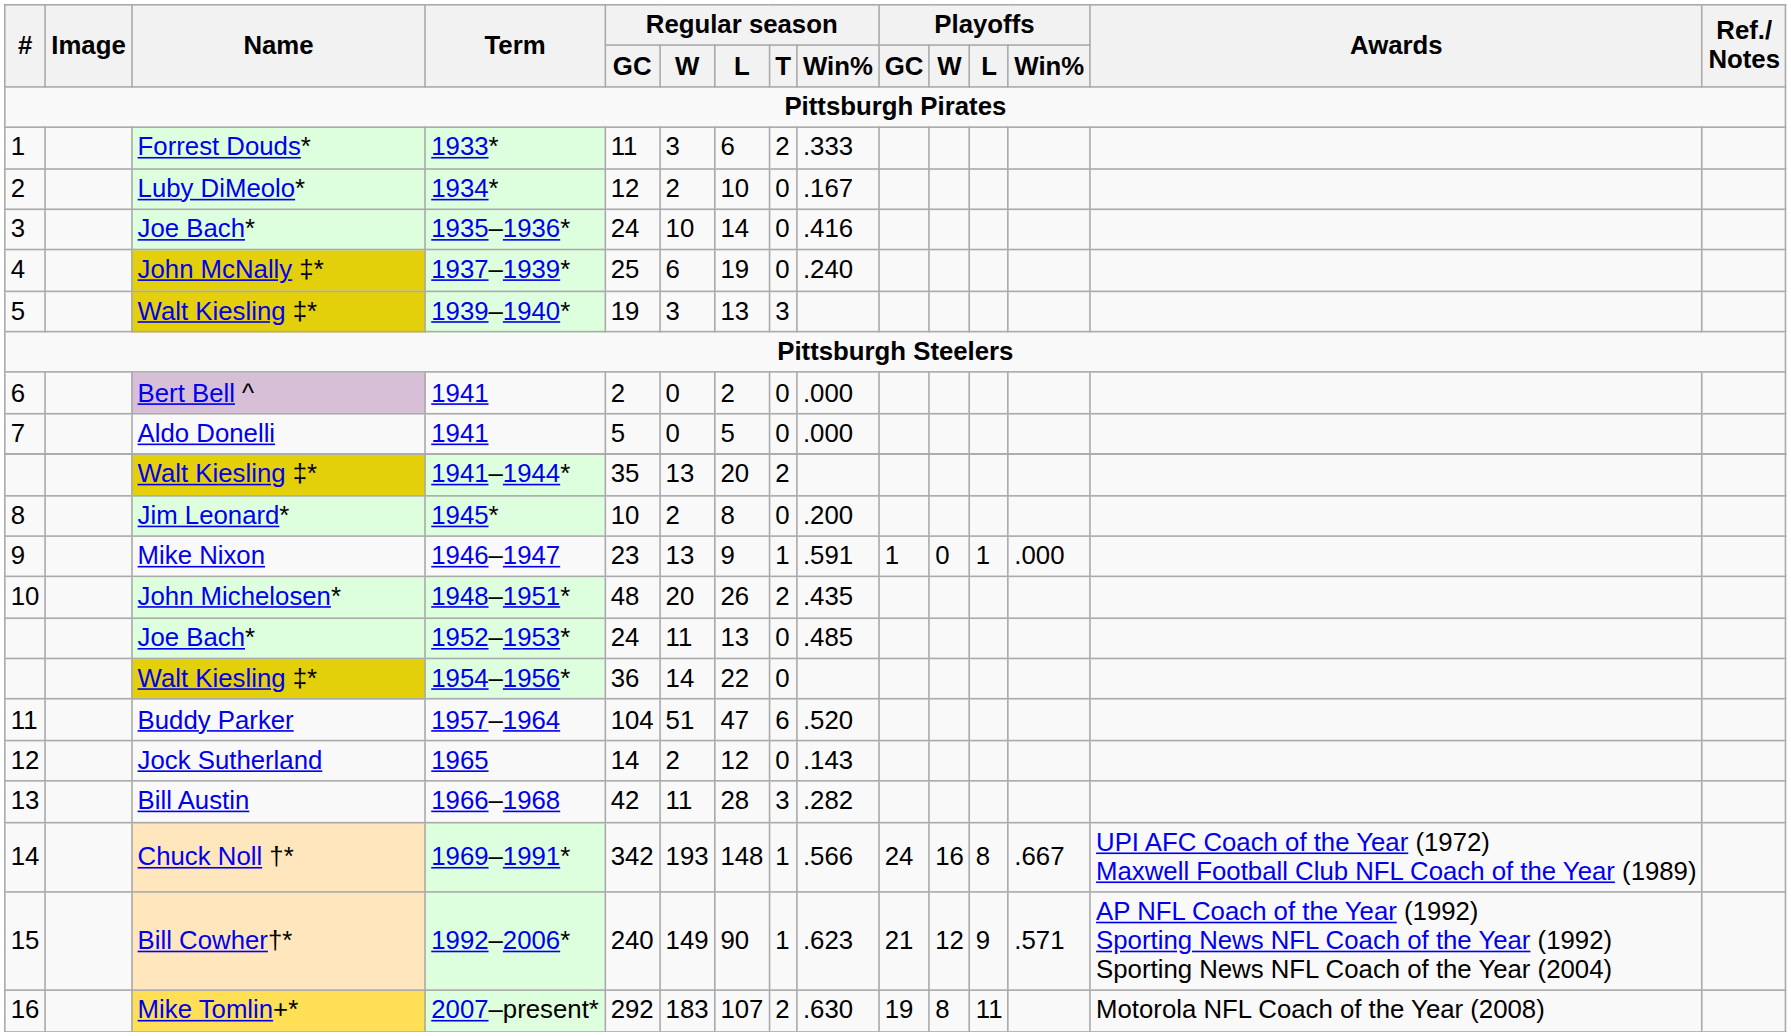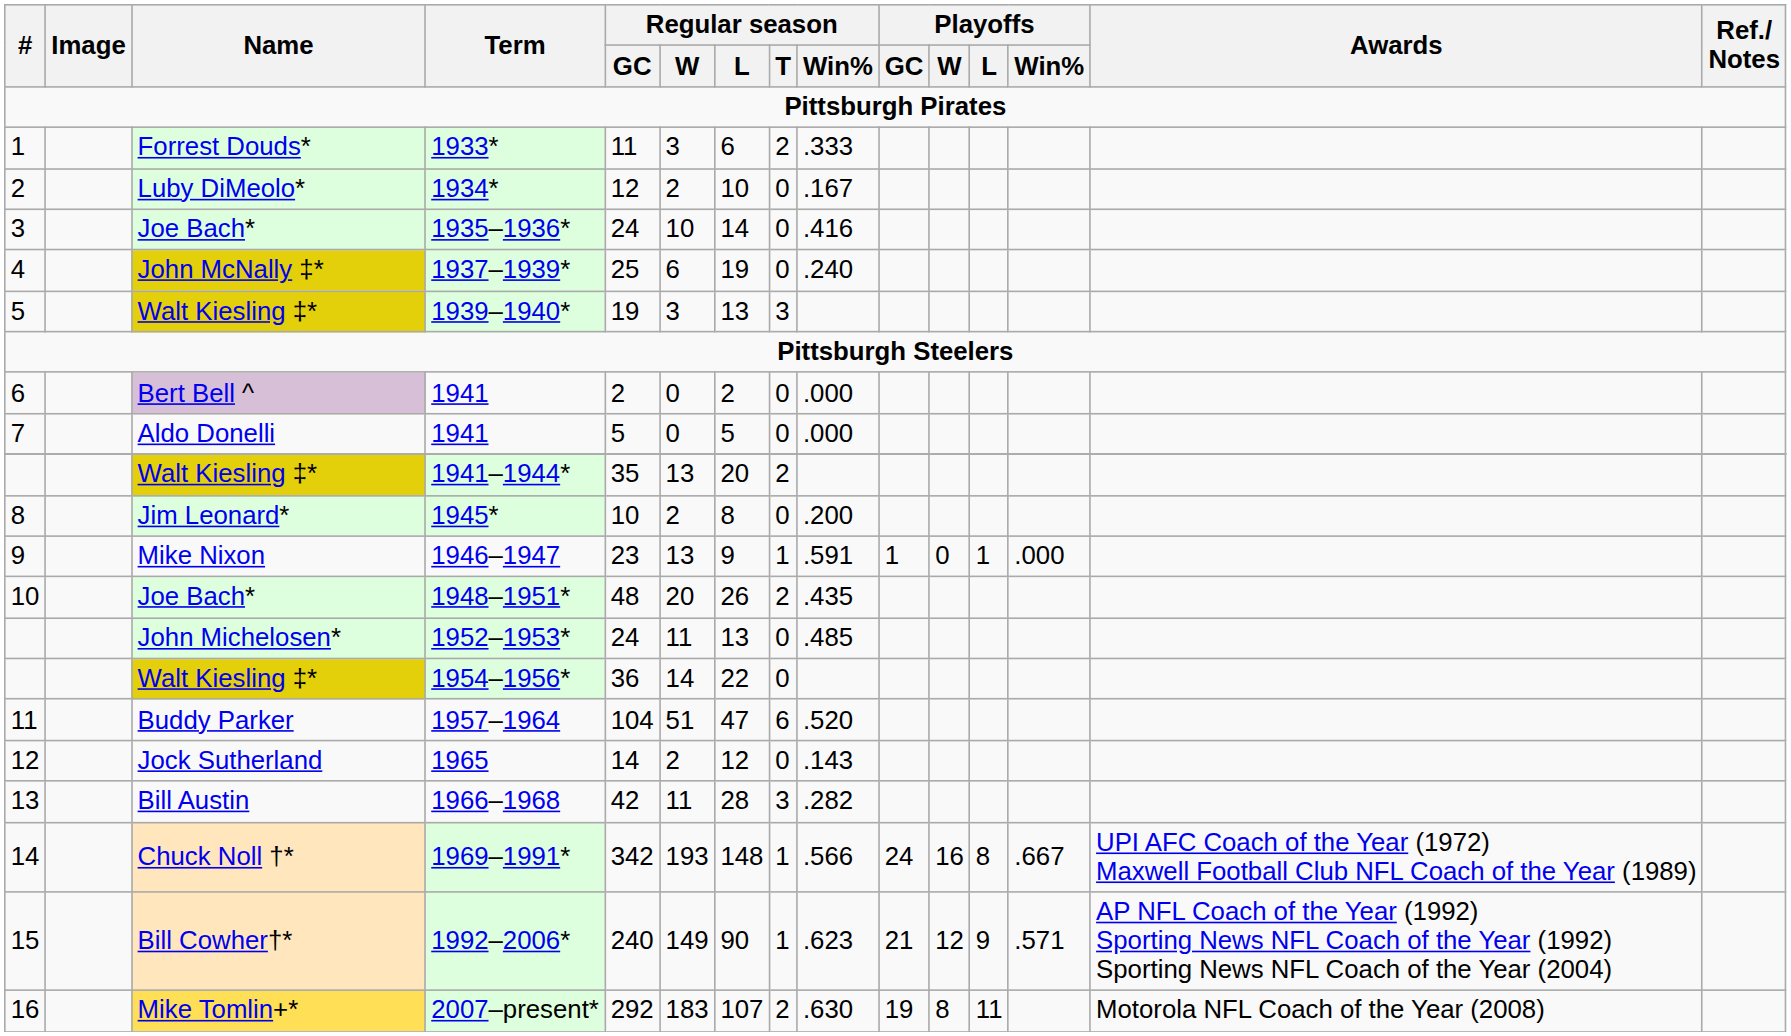 <table class="wikitable">
 <tr>
 <th rowspan="2">#</th>
 <th rowspan="2">Image</th>
 <th rowspan="2" scope="col" width="175">Name</th>
 <th rowspan="2">Term</th>
 <th colspan="5">Regular season</th>
 <th colspan="4">Playoffs</th>
 <th rowspan="2">Awards</th>
 <th rowspan="2">Ref./<br>Notes</th>
 </tr>
 <tr>
 <th>GC</th>
 <th>W</th>
 <th>L</th>
 <th>T</th>
 <th>Win%</th>
 <th>GC</th>
 <th>W</th>
 <th>L</th>
 <th>Win%</th>
 </tr>
 <tr>
 <td align="center" colspan="19"><strong>Pittsburgh Pirates</strong></td>
 </tr>
 <tr>
 <td>1</td>
 <td></td>
 <td style="background-color:#ddffdd"><a href='#'>Forrest Douds</a>*</td>
 <td style="background-color:#ddffdd"><a href='#'>1933</a>*</td>
 <td>11</td>
 <td>3</td>
 <td>6</td>
 <td>2</td>
 <td>.333</td>
 <td></td>
 <td></td>
 <td></td>
 <td></td>
 <td></td>
 <td></td>
 </tr>
 <tr>
 <td>2</td>
 <td></td>
 <td style="background-color:#ddffdd"><a href='#'>Luby DiMeolo</a>*</td>
 <td style="background-color:#ddffdd"><a href='#'>1934</a>*</td>
 <td>12</td>
 <td>2</td>
 <td>10</td>
 <td>0</td>
 <td>.167</td>
 <td></td>
 <td></td>
 <td></td>
 <td></td>
 <td></td>
 <td></td>
 </tr>
 <tr>
 <td>3</td>
 <td></td>
 <td style="background-color:#ddffdd"><a href='#'>Joe Bach</a>*</td>
 <td style="background-color:#ddffdd"><a href='#'>1935</a>–<a href='#'>1936</a>*</td>
 <td>24</td>
 <td>10</td>
 <td>14</td>
 <td>0</td>
 <td>.416</td>
 <td></td>
 <td></td>
 <td></td>
 <td></td>
 <td></td>
 <td></td>
 </tr>
 <tr>
 <td>4</td>
 <td></td>
 <td style="background-color:#E4D00A"><a href='#'>John McNally</a> ‡*</td>
 <td style="background-color:#ddffdd"><a href='#'>1937</a>–<a href='#'>1939</a>*</td>
 <td>25</td>
 <td>6</td>
 <td>19</td>
 <td>0</td>
 <td>.240</td>
 <td></td>
 <td></td>
 <td></td>
 <td></td>
 <td></td>
 <td></td>
 </tr>
 <tr>
 <td>5</td>
 <td></td>
 <td style="background-color:#E4D00A"><a href='#'>Walt Kiesling</a> ‡*</td>
 <td style="background-color:#ddffdd"><a href='#'>1939</a>–<a href='#'>1940</a>*</td>
 <td>19</td>
 <td>3</td>
 <td>13</td>
 <td>3</td>
 <td></td>
 <td></td>
 <td></td>
 <td></td>
 <td></td>
 <td></td>
 <td> </td>
 </tr>
 <tr>
 <td align="center" colspan="19"><strong>Pittsburgh Steelers</strong></td>
 </tr>
 <tr>
 <td>6</td>
 <td></td>
 <td style="background-color:#D8BFD8"><a href='#'>Bert Bell</a> ^</td>
 <td><a href='#'>1941</a></td>
 <td>2</td>
 <td>0</td>
 <td>2</td>
 <td>0</td>
 <td>.000</td>
 <td></td>
 <td></td>
 <td></td>
 <td></td>
 <td></td>
 <td></td>
 </tr>
 <tr>
 <td>7</td>
 <td></td>
 <td><a href='#'>Aldo Donelli</a></td>
 <td><a href='#'>1941</a></td>
 <td>5</td>
 <td>0</td>
 <td>5</td>
 <td>0</td>
 <td>.000</td>
 <td></td>
 <td></td>
 <td></td>
 <td></td>
 <td></td>
 <td></td>
 </tr>
 <tr>
 </tr>
 <tr>
 <td></td>
 <td></td>
 <td style="background-color:#E4D00A"><a href='#'>Walt Kiesling</a> ‡*</td>
 <td style="background-color:#ddffdd"><a href='#'>1941</a>–<a href='#'>1944</a>*</td>
 <td>35</td>
 <td>13</td>
 <td>20</td>
 <td>2</td>
 <td></td>
 <td></td>
 <td></td>
 <td></td>
 <td></td>
 <td></td>
 <td> </td>
 </tr>
 <tr>
 <td>8</td>
 <td></td>
 <td style="background-color:#ddffdd"><a href='#'>Jim Leonard</a>*</td>
 <td style="background-color:#ddffdd"><a href='#'>1945</a>*</td>
 <td>10</td>
 <td>2</td>
 <td>8</td>
 <td>0</td>
 <td>.200</td>
 <td></td>
 <td></td>
 <td></td>
 <td></td>
 <td></td>
 <td></td>
 </tr>
 <tr>
 <td>9</td>
 <td></td>
 <td><a href='#'>Mike Nixon</a></td>
 <td><a href='#'>1946</a>–<a href='#'>1947</a></td>
 <td>23</td>
 <td>13</td>
 <td>9</td>
 <td>1</td>
 <td>.591</td>
 <td>1</td>
 <td>0</td>
 <td>1</td>
 <td>.000</td>
 <td></td>
 <td></td>
 </tr>
 <tr>
 <td>10</td>
 <td></td>
-<td style="background-color:#ddffdd"><a href='#'>John Michelosen</a>*</td>
+<td style="background-color:#ddffdd"><a href='#'>Joe Bach</a>*</td>
 <td style="background-color:#ddffdd"><a href='#'>1948</a>–<a href='#'>1951</a>*</td>
 <td>48</td>
 <td>20</td>
 <td>26</td>
 <td>2</td>
 <td>.435</td>
 <td></td>
 <td></td>
 <td></td>
 <td></td>
 <td></td>
 <td></td>
 </tr>
 <tr>
 <td></td>
 <td></td>
-<td style="background-color:#ddffdd"><a href='#'>Joe Bach</a>*</td>
+<td style="background-color:#ddffdd"><a href='#'>John Michelosen</a>*</td>
 <td style="background-color:#ddffdd"><a href='#'>1952</a>–<a href='#'>1953</a>*</td>
 <td>24</td>
 <td>11</td>
 <td>13</td>
 <td>0</td>
 <td>.485</td>
 <td></td>
 <td></td>
 <td></td>
 <td></td>
 <td></td>
 <td></td>
 </tr>
 <tr>
 <td></td>
 <td></td>
 <td style="background-color:#E4D00A"><a href='#'>Walt Kiesling</a> ‡*</td>
 <td style="background-color:#ddffdd"><a href='#'>1954</a>–<a href='#'>1956</a>*</td>
 <td>36</td>
 <td>14</td>
 <td>22</td>
 <td>0</td>
 <td></td>
 <td></td>
 <td></td>
 <td></td>
 <td></td>
 <td></td>
 <td></td>
 </tr>
 <tr>
 <td>11</td>
 <td></td>
 <td><a href='#'>Buddy Parker</a></td>
 <td><a href='#'>1957</a>–<a href='#'>1964</a></td>
 <td>104</td>
 <td>51</td>
 <td>47</td>
 <td>6</td>
 <td>.520</td>
 <td></td>
 <td></td>
 <td></td>
 <td></td>
 <td></td>
 <td></td>
 </tr>
 <tr>
 <td>12</td>
 <td></td>
 <td><a href='#'>Jock Sutherland</a></td>
 <td><a href='#'>1965</a></td>
 <td>14</td>
 <td>2</td>
 <td>12</td>
 <td>0</td>
 <td>.143</td>
 <td></td>
 <td></td>
 <td></td>
 <td></td>
 <td></td>
 <td></td>
 </tr>
 <tr>
 <td>13</td>
 <td></td>
 <td><a href='#'>Bill Austin</a></td>
 <td><a href='#'>1966</a>–<a href='#'>1968</a></td>
 <td>42</td>
 <td>11</td>
 <td>28</td>
 <td>3</td>
 <td>.282</td>
 <td></td>
 <td></td>
 <td></td>
 <td></td>
 <td></td>
 <td></td>
 </tr>
 <tr>
 <td>14</td>
 <td></td>
 <td style="background: #FFE6BD;"><a href='#'>Chuck Noll</a> †*</td>
 <td style="background-color:#ddffdd"><a href='#'>1969</a>–<a href='#'>1991</a>*</td>
 <td>342</td>
 <td>193</td>
 <td>148</td>
 <td>1</td>
 <td>.566</td>
 <td>24</td>
 <td>16</td>
 <td>8</td>
 <td>.667</td>
 <td><a href='#'>UPI AFC Coach of the Year</a> (1972)<br><a href='#'>Maxwell Football Club NFL Coach of the Year</a> (1989)</td>
 <td></td>
 </tr>
 <tr>
 <td>15</td>
 <td></td>
 <td style="background-color:#FFE6BD;"><a href='#'>Bill Cowher</a>†*</td>
 <td style="background-color:#ddffdd"><a href='#'>1992</a>–<a href='#'>2006</a>*</td>
 <td>240</td>
 <td>149</td>
 <td>90</td>
 <td>1</td>
 <td>.623</td>
 <td>21</td>
 <td>12</td>
 <td>9</td>
 <td>.571</td>
 <td><a href='#'>AP NFL Coach of the Year</a> (1992)<br><a href='#'>Sporting News NFL Coach of the Year</a> (1992)<br>Sporting News NFL Coach of the Year (2004)</td>
 <td></td>
 </tr>
 <tr>
 <td>16</td>
 <td></td>
 <td style="background-color:#ffdf55"><a href='#'>Mike Tomlin</a>+*</td>
 <td style="background-color:#ddffdd"><a href='#'>2007</a>–present*</td>
 <td>292</td>
 <td>183</td>
 <td>107</td>
 <td>2</td>
 <td>.630</td>
 <td>19</td>
 <td>8</td>
 <td>11</td>
 <td></td>
 <td>Motorola NFL Coach of the Year (2008)</td>
 <td></td>
 </tr>
 </table>
